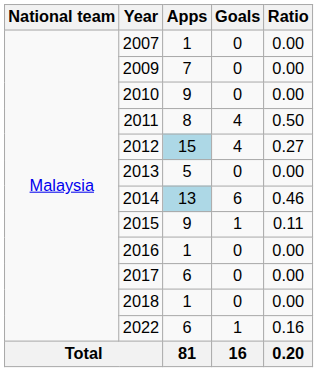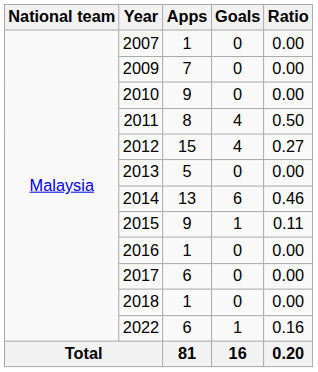 <table class=wikitable style="text-align: center;">
 <tr>
 <th>National team</th>
 <th>Year</th>
 <th>Apps</th>
 <th>Goals</th>
 <th>Ratio</th>
 </tr>
 <tr>
 <td rowspan=12><a href='#'>Malaysia</a></td>
 <td>2007</td>
 <td>1</td>
 <td>0</td>
 <td>0.00</td>
 </tr>
 <tr>
 <td>2009</td>
 <td>7</td>
 <td>0</td>
 <td>0.00</td>
 </tr>
 <tr>
 <td>2010</td>
 <td>9</td>
 <td>0</td>
 <td>0.00</td>
 </tr>
 <tr>
 <td>2011</td>
 <td>8</td>
 <td>4</td>
 <td>0.50</td>
 </tr>
 <tr>
 <td>2012</td>
-<td style="background: lightblue;">15</td>
+<td>15</td>
 <td>4</td>
 <td>0.27</td>
 </tr>
 <tr>
 <td>2013</td>
 <td>5</td>
 <td>0</td>
 <td>0.00</td>
 </tr>
 <tr>
 <td>2014</td>
-<td style="background: lightblue;">13</td>
+<td>13</td>
 <td>6</td>
 <td>0.46</td>
 </tr>
 <tr>
 <td>2015</td>
 <td>9</td>
 <td>1</td>
 <td>0.11</td>
 </tr>
 <tr>
 <td>2016</td>
 <td>1</td>
 <td>0</td>
 <td>0.00</td>
 </tr>
 <tr>
 <td>2017</td>
 <td>6</td>
 <td>0</td>
 <td>0.00</td>
 </tr>
 <tr>
 <td>2018</td>
 <td>1</td>
 <td>0</td>
 <td>0.00</td>
 </tr>
 <tr>
 <td>2022</td>
 <td>6</td>
 <td>1</td>
 <td>0.16</td>
 </tr>
 <tr>
 <th colspan=2>Total</th>
 <th>81</th>
 <th>16</th>
 <th>0.20</th>
 </tr>
 </table>
